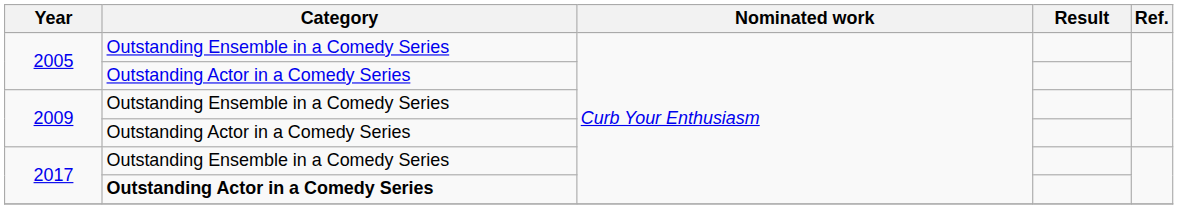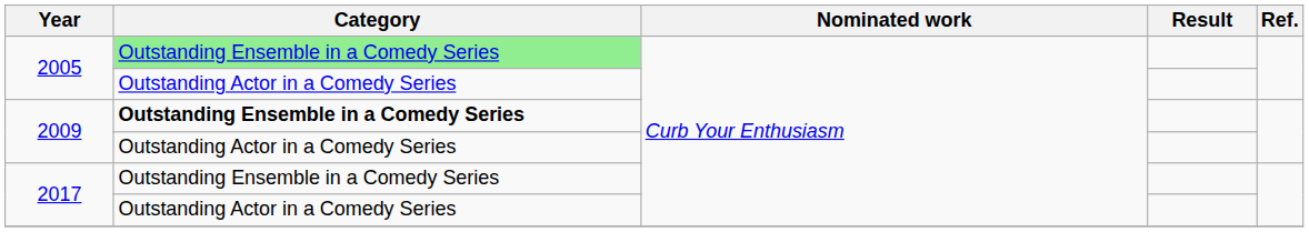 <table class=wikitable>
 <tr>
 <th scope="col" style="width:5em;">Year</th>
 <th scope="col" style="width:26em;">Category</th>
 <th scope="col" style="width:25em;">Nominated work</th>
 <th scope="col" style="width:5em;">Result</th>
 <th>Ref.</th>
 </tr>
 <tr>
 <td style="text-align:center;", rowspan=2><a href='#'>2005</a></td>
-<td><a href='#'>Outstanding Ensemble in a Comedy Series</a></td>
+<td style="background: lightgreen;"><a href='#'>Outstanding Ensemble in a Comedy Series</a></td>
 <td rowspan=6><em><a href='#'>Curb Your Enthusiasm</a></em></td>
 <td></td>
 <td rowspan=2></td>
 </tr>
 <tr>
 <td><a href='#'>Outstanding Actor in a Comedy Series</a></td>
 <td></td>
 </tr>
 <tr>
 <td style="text-align:center;", rowspan=2><a href='#'>2009</a></td>
-<td>Outstanding Ensemble in a Comedy Series</td>
+<td><strong>Outstanding Ensemble in a Comedy Series</strong></td>
 <td></td>
 <td rowspan=2></td>
 </tr>
 <tr>
 <td>Outstanding Actor in a Comedy Series</td>
 <td></td>
 </tr>
 <tr>
 <td style="text-align:center;", rowspan=2><a href='#'>2017</a></td>
 <td>Outstanding Ensemble in a Comedy Series</td>
 <td></td>
 <td rowspan=2></td>
 </tr>
 <tr>
-<td><strong>Outstanding Actor in a Comedy Series</strong></td>
+<td>Outstanding Actor in a Comedy Series</td>
 <td></td>
 </tr>
 <tr>
 </tr>
 </table>
